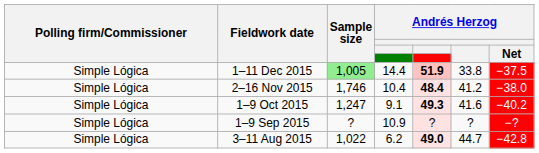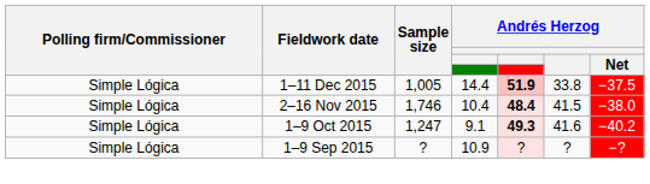 <table class="wikitable collapsible collapsed" style="text-align:center; font-size:90%; line-height:14px;">
 <tr style="height:42px;">
 <th style="width:250px;" rowspan="4">Polling firm/Commissioner</th>
 <th style="width:125px;" rowspan="4">Fieldwork date</th>
 <th style="width:50px;" rowspan="4">Sample size</th>
 <th style="width:185px;" colspan="4"><a href='#'>Andrés Herzog</a><br></th>
 </tr>
 <tr>
 <th colspan="4" style="background:"></th>
 </tr>
 <tr>
 <th style="width:30px;"></th>
 <th style="width:30px;"></th>
 <th style="width:30px;" rowspan="2"></th>
 <th style="width:30px;" rowspan="2">Net</th>
 </tr>
 <tr>
 <th style="color:inherit;background:#008000;"></th>
 <th style="color:inherit;background:#FF0000;"></th>
 </tr>
 <tr>
 <td>Simple Lógica</td>
 <td>1–11 Dec 2015</td>
-<td style="background: lightgreen;">1,005</td>
+<td>1,005</td>
 <td>14.4</td>
 <td style="background:#FFC2C1;"><strong>51.9</strong></td>
 <td>33.8</td>
 <td style="background:#FF0000; color:white;">−37.5</td>
 </tr>
 <tr>
 <td>Simple Lógica</td>
 <td>2–16 Nov 2015</td>
 <td>1,746</td>
 <td>10.4</td>
 <td style="background:#FFE2E1;"><strong>48.4</strong></td>
-<td>41.2</td>
+<td>41.5</td>
 <td style="background:#FF0000; color:white;">−38.0</td>
 </tr>
 <tr>
 <td>Simple Lógica</td>
 <td>1–9 Oct 2015</td>
 <td>1,247</td>
 <td>9.1</td>
 <td style="background:#FFE2E1;"><strong>49.3</strong></td>
 <td>41.6</td>
 <td style="background:#FF0000; color:white;">−40.2</td>
 </tr>
 <tr>
 <td>Simple Lógica</td>
 <td>1–9 Sep 2015</td>
 <td>?</td>
 <td>10.9</td>
 <td style="background:#FFE2E1;">?</td>
 <td>?</td>
 <td style="background:#FF0000; color:white;">−?</td>
 </tr>
-<tr>
-<td>Simple Lógica</td>
-<td>3–11 Aug 2015</td>
-<td>1,022</td>
-<td>6.2</td>
-<td style="background:#FFE2E1;"><strong>49.0</strong></td>
-<td>44.7</td>
-<td style="background:#FF0000; color:white;">−42.8</td>
-</tr>
 </table>
